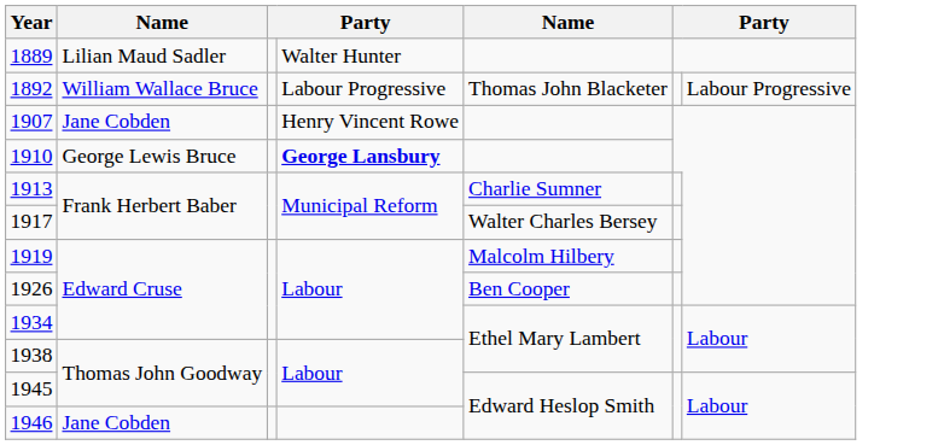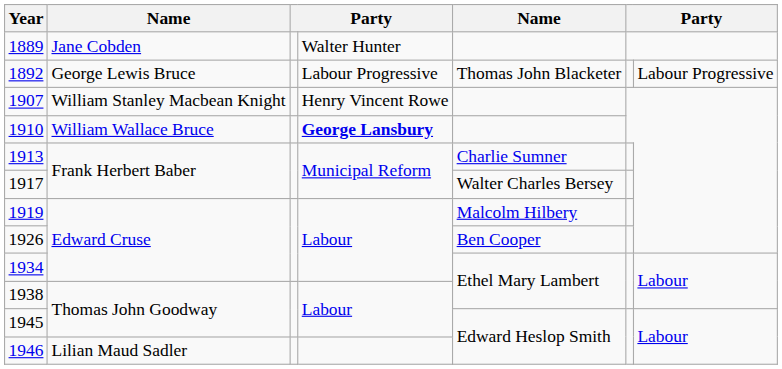 <table class="wikitable">
 <tr>
 <th>Year</th>
 <th>Name</th>
 <th colspan=2>Party</th>
 <th>Name</th>
 <th colspan=2>Party</th>
 </tr>
 <tr>
 <td><a href='#'>1889</a></td>
-<td>Lilian Maud Sadler</td>
+<td><a href='#'>Jane Cobden</a></td>
 <td></td>
 <td>Walter Hunter</td>
 <td></td>
 </tr>
 <tr>
 <td><a href='#'>1892</a></td>
-<td><a href='#'>William Wallace Bruce</a></td>
+<td>George Lewis Bruce</td>
 <td style="background-color: "></td>
 <td>Labour Progressive</td>
 <td>Thomas John Blacketer</td>
 <td style="background-color: "></td>
 <td>Labour Progressive</td>
 </tr>
 <tr>
 <td><a href='#'>1907</a></td>
-<td><a href='#'>Jane Cobden</a></td>
+<td>William Stanley Macbean Knight</td>
 <td></td>
 <td>Henry Vincent Rowe</td>
 <td></td>
 </tr>
 <tr>
 <td><a href='#'>1910</a></td>
-<td>George Lewis Bruce</td>
+<td><a href='#'>William Wallace Bruce</a></td>
 <td></td>
 <td><strong><a href='#'>George Lansbury</a></strong></td>
 <td></td>
 </tr>
 <tr>
 <td><a href='#'>1913</a></td>
 <td rowspan=2>Frank Herbert Baber</td>
 <td rowspan=2 style="background-color: "></td>
 <td rowspan=2><a href='#'>Municipal Reform</a></td>
 <td><a href='#'>Charlie Sumner</a></td>
 <td></td>
 </tr>
 <tr>
 <td>1917</td>
 <td>Walter Charles Bersey</td>
 <td></td>
 </tr>
 <tr>
 <td><a href='#'>1919</a></td>
 <td rowspan=3><a href='#'>Edward Cruse</a></td>
 <td rowspan=3 style="background-color: "></td>
 <td rowspan=3><a href='#'>Labour</a></td>
 <td><a href='#'>Malcolm Hilbery</a></td>
 <td></td>
 </tr>
 <tr>
 <td>1926</td>
 <td><a href='#'>Ben Cooper</a></td>
 <td></td>
 </tr>
 <tr>
 <td><a href='#'>1934</a></td>
 <td rowspan=2>Ethel Mary Lambert</td>
 <td rowspan=2 style="background-color: "></td>
 <td rowspan=2><a href='#'>Labour</a></td>
 </tr>
 <tr>
 <td>1938</td>
 <td rowspan=2>Thomas John Goodway</td>
 <td rowspan=2 style="background-color: "></td>
 <td rowspan=2><a href='#'>Labour</a></td>
 </tr>
 <tr>
 <td>1945</td>
 <td rowspan=2>Edward Heslop Smith</td>
 <td rowspan=2 style="background-color: "></td>
 <td rowspan=2><a href='#'>Labour</a></td>
 </tr>
 <tr>
 <td><a href='#'>1946</a></td>
-<td><a href='#'>Jane Cobden</a></td>
+<td>Lilian Maud Sadler</td>
 <td></td>
 </tr>
 </table>
